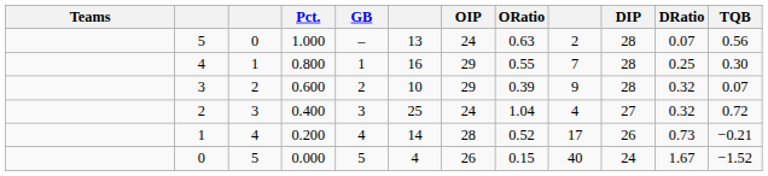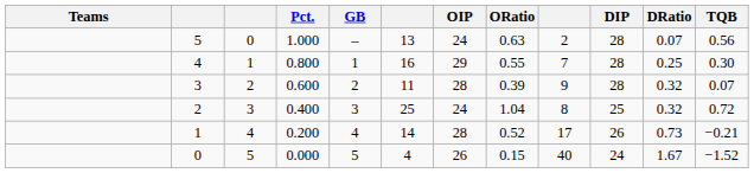 <table class="wikitable" style="text-align:center;">
 <tr>
 <th width=175px>Teams</th>
 <th width=50px></th>
 <th width=50px></th>
 <th width=50px><a href='#'>Pct.</a></th>
 <th width=50px><a href='#'>GB</a></th>
 <th width=50px></th>
 <th width=50px>OIP</th>
 <th width=50px>ORatio</th>
 <th width=50px></th>
 <th width=50px>DIP</th>
 <th width=50px>DRatio</th>
 <th width=50px>TQB</th>
 </tr>
 <tr>
 <td align=left></td>
 <td>5</td>
 <td>0</td>
 <td>1.000</td>
 <td>–</td>
 <td>13</td>
 <td>24</td>
 <td>0.63</td>
 <td>2</td>
 <td>28</td>
 <td>0.07</td>
 <td>0.56</td>
 </tr>
 <tr>
 <td align=left></td>
 <td>4</td>
 <td>1</td>
 <td>0.800</td>
 <td>1</td>
 <td>16</td>
 <td>29</td>
 <td>0.55</td>
 <td>7</td>
 <td>28</td>
 <td>0.25</td>
 <td>0.30</td>
 </tr>
 <tr>
 <td align=left></td>
 <td>3</td>
 <td>2</td>
 <td>0.600</td>
 <td>2</td>
-<td>10</td>
-<td>29</td>
+<td>11</td>
+<td>28</td>
 <td>0.39</td>
 <td>9</td>
 <td>28</td>
 <td>0.32</td>
 <td>0.07</td>
 </tr>
 <tr>
 <td align=left></td>
 <td>2</td>
 <td>3</td>
 <td>0.400</td>
 <td>3</td>
 <td>25</td>
 <td>24</td>
 <td>1.04</td>
-<td>4</td>
-<td>27</td>
+<td>8</td>
+<td>25</td>
 <td>0.32</td>
 <td>0.72</td>
 </tr>
 <tr>
 <td align=left></td>
 <td>1</td>
 <td>4</td>
 <td>0.200</td>
 <td>4</td>
 <td>14</td>
 <td>28</td>
 <td>0.52</td>
 <td>17</td>
 <td>26</td>
 <td>0.73</td>
 <td>−0.21</td>
 </tr>
 <tr>
 <td align=left></td>
 <td>0</td>
 <td>5</td>
 <td>0.000</td>
 <td>5</td>
 <td>4</td>
 <td>26</td>
 <td>0.15</td>
 <td>40</td>
 <td>24</td>
 <td>1.67</td>
 <td>−1.52</td>
 </tr>
 </table>
